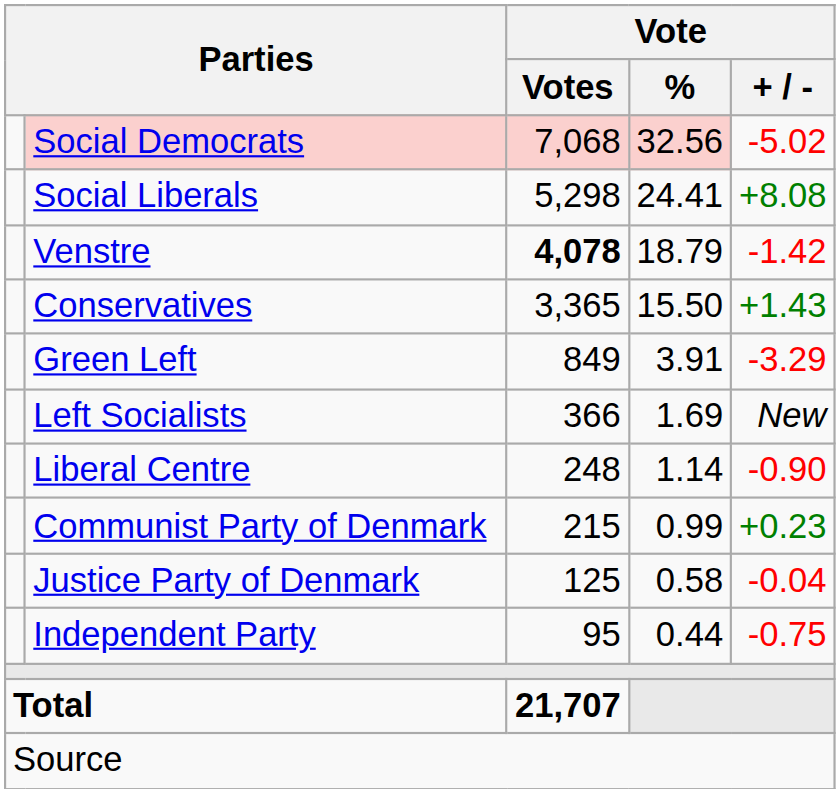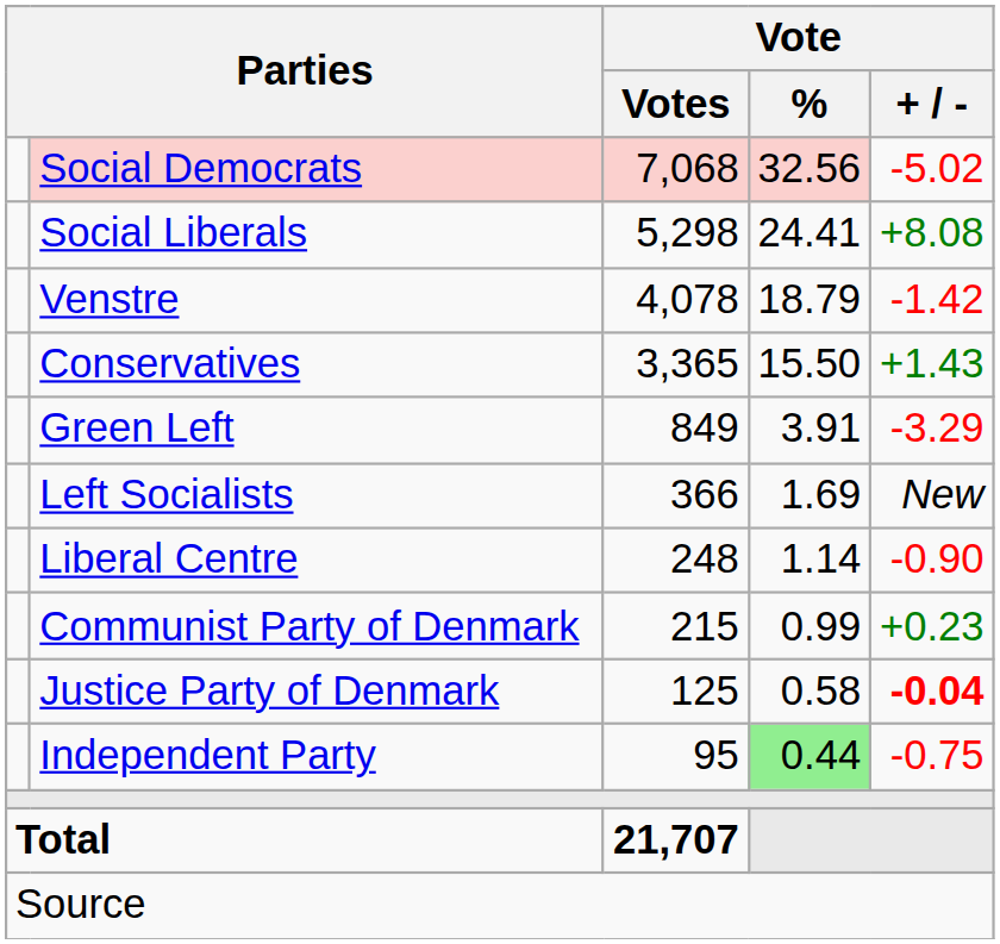 <table class="wikitable" style="text-align:right;">
 <tr>
 <th style="text-align:centre;" rowspan="2" colspan="2" width="225">Parties</th>
 <th colspan="3">Vote</th>
 </tr>
 <tr>
 <th width="15">Votes</th>
 <th width="15">%</th>
 <th width="15">+ / -</th>
 </tr>
 <tr>
 <td width="2" style="color:inherit;background:"></td>
 <td bgcolor=#fbd0ce  align="left"><a href='#'>Social Democrats</a></td>
 <td bgcolor=#fbd0ce>7,068</td>
 <td bgcolor=#fbd0ce>32.56</td>
 <td style=color:red;>-5.02</td>
 </tr>
 <tr>
 <td width="2" style="color:inherit;background:"></td>
 <td align="left"><a href='#'>Social Liberals</a></td>
 <td>5,298</td>
 <td>24.41</td>
 <td style=color:green;>+8.08</td>
 </tr>
 <tr>
 <td width="2" style="color:inherit;background:"></td>
 <td align="left"><a href='#'>Venstre</a></td>
-<td><strong>4,078</strong></td>
+<td>4,078</td>
 <td>18.79</td>
 <td style=color:red;>-1.42</td>
 </tr>
 <tr>
 <td width="2" style="color:inherit;background:"></td>
 <td align="left"><a href='#'>Conservatives</a></td>
 <td>3,365</td>
 <td>15.50</td>
 <td style=color:green;>+1.43</td>
 </tr>
 <tr>
 <td width="2" style="color:inherit;background:"></td>
 <td align="left"><a href='#'>Green Left</a></td>
 <td>849</td>
 <td>3.91</td>
 <td style=color:red;>-3.29</td>
 </tr>
 <tr>
 <td width="2" style="color:inherit;background:"></td>
 <td align="left"><a href='#'>Left Socialists</a></td>
 <td>366</td>
 <td>1.69</td>
 <td><em>New</em></td>
 </tr>
 <tr>
 <td width="2" style="color:inherit;background:"></td>
 <td align="left"><a href='#'>Liberal Centre</a></td>
 <td>248</td>
 <td>1.14</td>
 <td style=color:red;>-0.90</td>
 </tr>
 <tr>
 <td width="2" style="color:inherit;background:"></td>
 <td align="left"><a href='#'>Communist Party of Denmark</a></td>
 <td>215</td>
 <td>0.99</td>
 <td style=color:green;>+0.23</td>
 </tr>
 <tr>
 <td width="2" style="color:inherit;background:"></td>
 <td align="left"><a href='#'>Justice Party of Denmark</a></td>
 <td>125</td>
 <td>0.58</td>
-<td style=color:red;>-0.04</td>
+<td style=color:red;><strong>-0.04</strong></td>
 </tr>
 <tr>
 <td width="2" style="color:inherit;background:"></td>
 <td align="left"><a href='#'>Independent Party</a></td>
 <td>95</td>
-<td>0.44</td>
+<td style="background: lightgreen;">0.44</td>
 <td style=color:red;>-0.75</td>
 </tr>
 <tr>
 <td colspan="7" bgcolor="#E9E9E9"></td>
 </tr>
 <tr>
 <td align="left" colspan="2"><strong>Total</strong></td>
 <td><strong>21,707</strong></td>
 <td bgcolor="#E9E9E9" colspan="2"></td>
 </tr>
 <tr>
 <td align="left" colspan="6">Source</td>
 </tr>
 </table>
